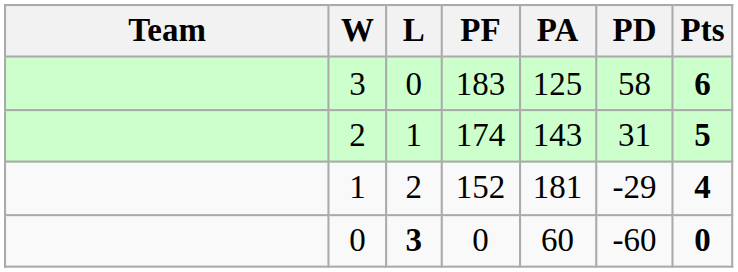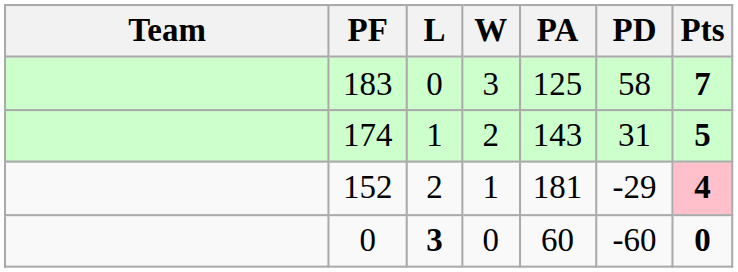 <table class="wikitable" style="text-align:center;">
 <tr>
 <th width=150>Team</th>
+<th width=30>PF</th>
+<th width=20>L</th>
 <th width=20>W</th>
-<th width=20>L</th>
-<th width=30>PF</th>
 <th width=30>PA</th>
 <th width=30>PD</th>
 <th width=20>Pts</th>
 </tr>
 <tr bgcolor="#ccffcc">
 <td align="left"></td>
+<td>183</td>
+<td>0</td>
 <td>3</td>
-<td>0</td>
-<td>183</td>
 <td>125</td>
 <td>58</td>
-<td><strong>6</strong></td>
+<td><strong>7</strong></td>
 </tr>
 <tr bgcolor="#ccffcc">
 <td align="left"></td>
+<td>174</td>
+<td>1</td>
 <td>2</td>
-<td>1</td>
-<td>174</td>
 <td>143</td>
 <td>31</td>
 <td><strong>5</strong></td>
 </tr>
 <tr>
 <td align="left"></td>
+<td>152</td>
+<td>2</td>
 <td>1</td>
-<td>2</td>
-<td>152</td>
 <td>181</td>
 <td>-29</td>
-<td><strong>4</strong></td>
+<td style="background: pink;"><strong>4</strong></td>
 </tr>
 <tr>
 <td align="left"></td>
 <td>0</td>
 <td><strong>3</strong></td>
 <td>0</td>
 <td>60</td>
 <td>-60</td>
 <td><strong>0</strong></td>
 </tr>
 </table>
